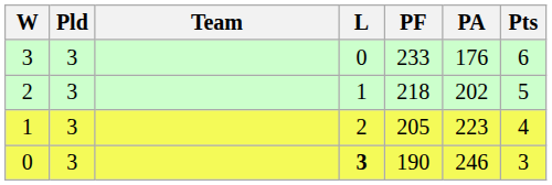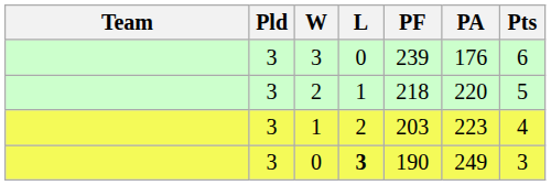 <table class="wikitable" style="text-align:center;">
 <tr>
+<th width=170>Team</th>
+<th width=25>Pld</th>
 <th width=25>W</th>
-<th width=25>Pld</th>
-<th width=170>Team</th>
 <th width=25>L</th>
 <th width=35>PF</th>
 <th width=35>PA</th>
 <th width=25>Pts</th>
 </tr>
 <tr bgcolor=#ccffcc>
+<td align="left"></td>
 <td>3</td>
 <td>3</td>
-<td align="left"></td>
 <td>0</td>
-<td>233</td>
+<td>239</td>
 <td>176</td>
 <td>6</td>
 </tr>
 <tr bgcolor=#ccffcc>
+<td align="left"></td>
+<td>3</td>
 <td>2</td>
-<td>3</td>
-<td align="left"></td>
 <td>1</td>
 <td>218</td>
-<td>202</td>
+<td>220</td>
 <td>5</td>
 </tr>
 <tr bgcolor=#F4FA58>
+<td align="left"></td>
+<td>3</td>
 <td>1</td>
-<td>3</td>
-<td align="left"></td>
 <td>2</td>
-<td>205</td>
+<td>203</td>
 <td>223</td>
 <td>4</td>
 </tr>
 <tr bgcolor=#F4FA58>
+<td align="left"></td>
+<td>3</td>
 <td>0</td>
-<td>3</td>
-<td align="left"></td>
 <td><strong>3</strong></td>
 <td>190</td>
-<td>246</td>
+<td>249</td>
 <td>3</td>
 </tr>
 </table>
